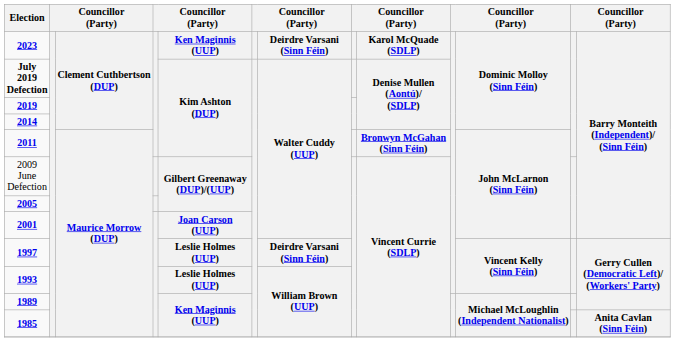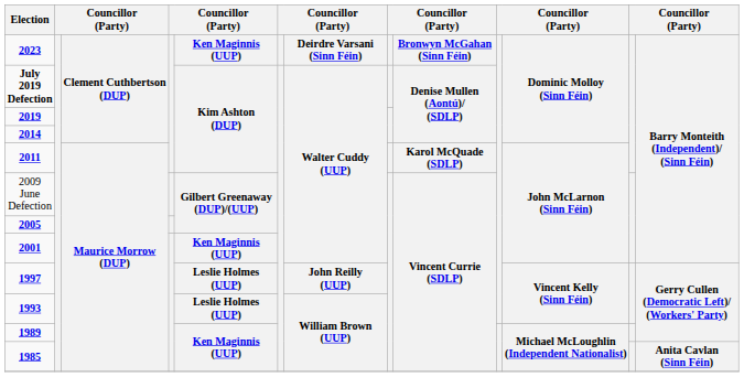 <table class="wikitable" style="text-align:center">
 <tr>
 <th scope="col" width="50">Election</th>
 <th scope="col" width="150" colspan = "2">Councillor<br> (Party)</th>
 <th scope="col" width="150" colspan = "2">Councillor<br> (Party)</th>
 <th scope="col" width="150" colspan = "2">Councillor<br> (Party)</th>
 <th scope="col" width="150" colspan = "2">Councillor<br> (Party)</th>
 <th scope="col" width="150" colspan = "2">Councillor<br> (Party)</th>
 <th scope="col" width="150" colspan = "2">Councillor<br> (Party)</th>
 </tr>
 <tr>
 <td><strong><a href='#'>2023</a></strong></td>
 <th rowspan="12" width="1" style="background-color: "></th>
 <th rowspan = "4">Clement Cuthbertson <br> (<a href='#'>DUP</a>)</th>
 <th rowspan="5" width="1" style="background-color: "></th>
 <th rowspan = "1"><a href='#'>Ken Maginnis</a> <br> (<a href='#'>UUP</a>)</th>
 <th rowspan="1" width="1" style="background-color: "></th>
 <th rowspan = "1">Deirdre Varsani <br> (<a href='#'>Sinn Féin</a>)</th>
 <th rowspan="1" width="1" style="background-color: "></th>
-<th rowspan = "1">Karol McQuade <br> (<a href='#'>SDLP</a>)</th>
+<th rowspan = "1"><a href='#'>Bronwyn McGahan</a> <br> (<a href='#'>Sinn Féin</a>)</th>
 <th rowspan="10" width="1" style="background-color: "></th>
 <th rowspan = "4">Dominic Molloy <br> (<a href='#'>Sinn Féin</a>)</th>
 <th rowspan="5" width="1" style="background-color: "></th>
 <th rowspan = "8">Barry Monteith <br> (<a href='#'>Independent</a>)/ <br> (<a href='#'>Sinn Féin</a>)</th>
 </tr>
 <tr>
 <td><strong>July 2019 Defection</strong></td>
 <th rowspan = "4">Kim Ashton <br> (<a href='#'>DUP</a>)</th>
 <th rowspan="11" width="1" style="background-color: "></th>
 <th rowspan = "7">Walter Cuddy <br> (<a href='#'>UUP</a>)</th>
 <th rowspan="1" width="1" style="background-color: "></th>
 <th rowspan = "3">Denise Mullen <br> (<a href='#'>Aontú</a>)/ <br> (<a href='#'>SDLP</a>)</th>
 </tr>
 <tr>
 <td><strong><a href='#'>2019</a></strong></td>
 <th rowspan="2" width="1" style="background-color: "></th>
 </tr>
 <tr>
 <td><strong><a href='#'>2014</a></strong></td>
 </tr>
 <tr>
 <td><strong><a href='#'>2011</a></strong></td>
 <th rowspan = "8"><a href='#'>Maurice Morrow</a> <br> (<a href='#'>DUP</a>)</th>
 <th rowspan="1" width="1" style="background-color: "></th>
-<th rowspan = "1"><a href='#'>Bronwyn McGahan</a> <br> (<a href='#'>Sinn Féin</a>)</th>
+<th rowspan = "1">Karol McQuade <br> (<a href='#'>SDLP</a>)</th>
 <th rowspan = "4">John McLarnon <br> (<a href='#'>Sinn Féin</a>)</th>
 </tr>
 <tr>
 <td>2009 June Defection</td>
 <th rowspan="1" width="1" style="background-color: "></th>
 <th rowspan = "2">Gilbert Greenaway <br> (<a href='#'>DUP</a>)/(<a href='#'>UUP</a>)</th>
 <th rowspan="7" width="1" style="background-color: "></th>
 <th rowspan = "7">Vincent Currie <br> (<a href='#'>SDLP</a>)</th>
 <th rowspan="3" width="1" style="background-color: "></th>
 </tr>
 <tr>
 <td><strong><a href='#'>2005</a></strong></td>
 <th rowspan="1" width="1" style="background-color: "></th>
 </tr>
 <tr>
 <td><strong><a href='#'>2001</a></strong></td>
 <th rowspan="5" width="1" style="background-color: "></th>
-<th rowspan = "1"><a href='#'>Joan Carson</a> <br> (<a href='#'>UUP</a>)</th>
+<th rowspan = "1"><a href='#'>Ken Maginnis</a> <br> (<a href='#'>UUP</a>)</th>
 </tr>
 <tr>
 <td><strong><a href='#'>1997</a></strong></td>
 <th rowspan = "1">Leslie Holmes <br> (<a href='#'>UUP</a>)</th>
-<th rowspan = "1">Deirdre Varsani <br> (<a href='#'>Sinn Féin</a>)</th>
+<th rowspan = "1">John Reilly <br> (<a href='#'>UUP</a>)</th>
 <th rowspan = "2">Vincent Kelly <br> (<a href='#'>Sinn Féin</a>)</th>
 <th rowspan="2" width="1" style="background-color: "></th>
 <th rowspan = "3">Gerry Cullen <br> (<a href='#'>Democratic Left</a>)/ <br> (<a href='#'>Workers' Party</a>)</th>
 </tr>
 <tr>
 <td><strong><a href='#'>1993</a></strong></td>
 <th rowspan = "1">Leslie Holmes <br> (<a href='#'>UUP</a>)</th>
 <th rowspan = "3">William Brown <br> (<a href='#'>UUP</a>)</th>
 </tr>
 <tr>
 <td><strong><a href='#'>1989</a></strong></td>
 <th rowspan = "2"><a href='#'>Ken Maginnis</a> <br> (<a href='#'>UUP</a>)</th>
 <th rowspan="2" width="1" style="background-color: "></th>
 <th rowspan = "2">Michael McLoughlin <br> (<a href='#'>Independent Nationalist</a>)</th>
 <th rowspan="1" width="1" style="background-color: "></th>
 </tr>
 <tr>
 <td><strong><a href='#'>1985</a></strong></td>
 <th rowspan="1" width="1" style="background-color: "></th>
 <th rowspan = "1">Anita Cavlan <br> (<a href='#'>Sinn Féin</a>)</th>
 </tr>
 <tr>
 </tr>
 </table>
